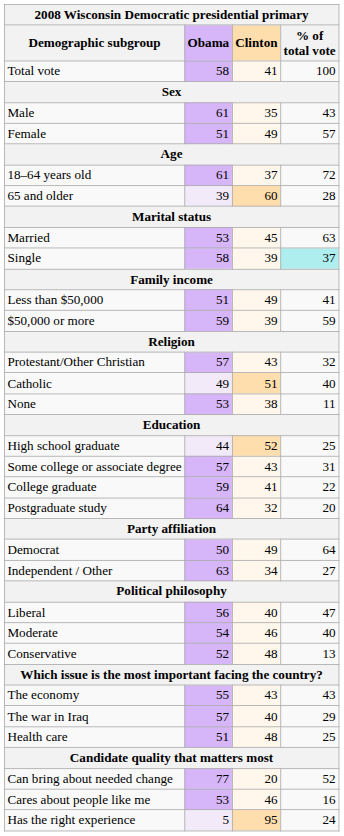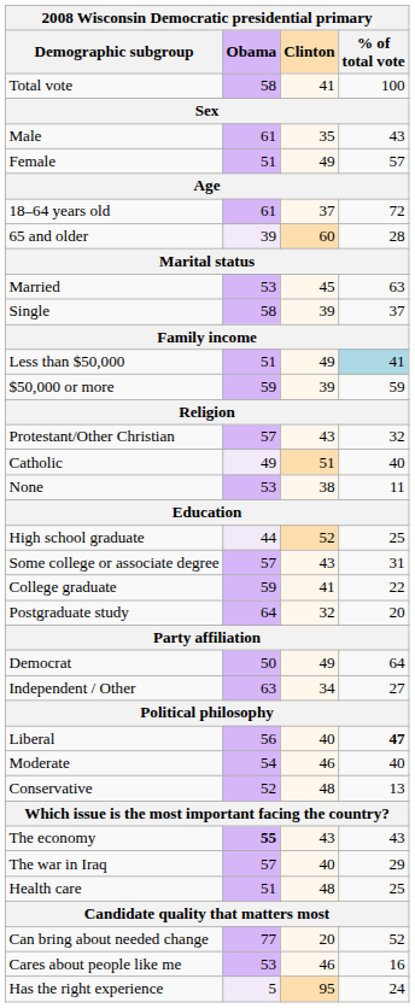 <table class="wikitable">
 <tr>
 <th colspan="8">2008 Wisconsin Democratic presidential primary</th>
 </tr>
 <tr>
 <th>Demographic subgroup</th>
 <th style="background:#d6b6f9;">Obama</th>
 <th style="background:#ffdead;">Clinton</th>
 <th>% of<br>total vote</th>
 </tr>
 <tr>
 <td>Total vote</td>
 <td style="text-align:right; background:#d6b6f9;">58</td>
 <td style="text-align:right; background:#fff7ec;">41</td>
 <td style="text-align:right;">100</td>
 </tr>
 <tr>
 <th colspan="4">Sex</th>
 </tr>
 <tr>
 <td>Male</td>
 <td style="text-align:right; background:#d6b6f9;">61</td>
 <td style="text-align:right; background:#fff7ec;">35</td>
 <td style="text-align:right;">43</td>
 </tr>
 <tr>
 <td>Female</td>
 <td style="text-align:right; background:#d6b6f9;">51</td>
 <td style="text-align:right; background:#fff7ec;">49</td>
 <td style="text-align:right;">57</td>
 </tr>
 <tr>
 <th colspan="4">Age</th>
 </tr>
 <tr>
 <td>18–64 years old</td>
 <td style="text-align:right; background:#d6b6f9;">61</td>
 <td style="text-align:right; background:#fff7ec;">37</td>
 <td style="text-align:right;">72</td>
 </tr>
 <tr>
 <td>65 and older</td>
 <td style="text-align:right; background:#f2eaf9;">39</td>
 <td style="text-align:right; background:#ffdead;">60</td>
 <td style="text-align: right;">28</td>
 </tr>
 <tr>
 <th colspan="4">Marital status</th>
 </tr>
 <tr>
 <td>Married</td>
 <td style="text-align:right; background:#d6b6f9;">53</td>
 <td style="text-align:right; background:#fff7ec;">45</td>
 <td style="text-align:right;">63</td>
 </tr>
 <tr>
 <td>Single</td>
 <td style="text-align:right; background:#d6b6f9;">58</td>
 <td style="text-align:right; background:#fff7ec;">39</td>
-<td style="background: paleturquoise; text-align:right;">37</td>
+<td style="text-align:right;">37</td>
 </tr>
 <tr>
 <th colspan="4">Family income</th>
 </tr>
 <tr>
 <td>Less than $50,000</td>
 <td style="text-align:right; background:#d6b6f9;">51</td>
 <td style="text-align:right; background:#fff7ec;">49</td>
-<td style="text-align:right;">41</td>
+<td style="background: lightblue; text-align:right;">41</td>
 </tr>
 <tr>
 <td>$50,000 or more</td>
 <td style="text-align:right; background:#d6b6f9;">59</td>
 <td style="text-align:right; background:#fff7ec;">39</td>
 <td style="text-align:right;">59</td>
 </tr>
 <tr>
 <th colspan="4">Religion</th>
 </tr>
 <tr>
 <td>Protestant/Other Christian</td>
 <td style="text-align:right; background:#d6b6f9;">57</td>
 <td style="text-align:right; background:#fff7ec;">43</td>
 <td style="text-align:right;">32</td>
 </tr>
 <tr>
 <td>Catholic</td>
 <td style="text-align:right; background:#f2eaf9;">49</td>
 <td style="text-align:right; background:#ffdead;">51</td>
 <td style="text-align:right;">40</td>
 </tr>
 <tr>
 <td>None</td>
 <td style="text-align:right; background:#d6b6f9;">53</td>
 <td style="text-align:right; background:#fff7ec;">38</td>
 <td style="text-align:right;">11</td>
 </tr>
 <tr>
 <th colspan="4">Education</th>
 </tr>
 <tr>
 <td>High school graduate</td>
 <td style="text-align:right; background:#f2eaf9;">44</td>
 <td style="text-align:right; background:#ffdead;">52</td>
 <td style="text-align:right;">25</td>
 </tr>
 <tr>
 <td>Some college or associate degree</td>
 <td style="text-align:right; background:#d6b6f9;">57</td>
 <td style="text-align:right; background:#fff7ec;">43</td>
 <td style="text-align:right;">31</td>
 </tr>
 <tr>
 <td>College graduate</td>
 <td style="text-align:right; background:#d6b6f9;">59</td>
 <td style="text-align:right; background:#fff7ec;">41</td>
 <td style="text-align:right;">22</td>
 </tr>
 <tr>
 <td>Postgraduate study</td>
 <td style="text-align:right; background:#d6b6f9;">64</td>
 <td style="text-align:right; background:#fff7ec;">32</td>
 <td style="text-align:right;">20</td>
 </tr>
 <tr>
 <th colspan="4">Party affiliation</th>
 </tr>
 <tr>
 <td>Democrat</td>
 <td style="text-align:right; background:#d6b6f9;">50</td>
 <td style="text-align:right; background:#fff7ec;">49</td>
 <td style="text-align:right;">64</td>
 </tr>
 <tr>
 <td>Independent / Other</td>
 <td style="text-align:right; background:#d6b6f9;">63</td>
 <td style="text-align:right; background:#fff7ec;">34</td>
 <td style="text-align:right;">27</td>
 </tr>
 <tr>
 <th colspan="4">Political philosophy</th>
 </tr>
 <tr>
 <td>Liberal</td>
 <td style="text-align:right; background:#d6b6f9;">56</td>
 <td style="text-align:right; background:#fff7ec;">40</td>
-<td style="text-align:right;">47</td>
+<td style="text-align:right;"><strong>47</strong></td>
 </tr>
 <tr>
 <td>Moderate</td>
 <td style="text-align:right; background:#d6b6f9;">54</td>
 <td style="text-align:right; background:#fff7ec;">46</td>
 <td style="text-align:right;">40</td>
 </tr>
 <tr>
 <td>Conservative</td>
 <td style="text-align:right; background:#d6b6f9;">52</td>
 <td style="text-align:right; background:#fff7ec;">48</td>
 <td style="text-align:right;">13</td>
 </tr>
 <tr>
 <th colspan="4">Which issue is the most important facing the country?</th>
 </tr>
 <tr>
 <td>The economy</td>
-<td style="text-align:right; background:#d6b6f9;">55</td>
+<td style="text-align:right; background:#d6b6f9;"><strong>55</strong></td>
 <td style="text-align:right; background:#fff7ec;">43</td>
 <td style="text-align:right;">43</td>
 </tr>
 <tr>
 <td>The war in Iraq</td>
 <td style="text-align:right; background:#d6b6f9;">57</td>
 <td style="text-align:right; background:#fff7ec;">40</td>
 <td style="text-align:right;">29</td>
 </tr>
 <tr>
 <td>Health care</td>
 <td style="text-align:right; background:#d6b6f9;">51</td>
 <td style="text-align:right; background:#fff7ec;">48</td>
 <td style="text-align:right;">25</td>
 </tr>
 <tr>
 <th colspan="4">Candidate quality that matters most</th>
 </tr>
 <tr>
 <td>Can bring about needed change</td>
 <td style="text-align:right; background:#d6b6f9;">77</td>
 <td style="text-align:right; background:#fff7ec;">20</td>
 <td style="text-align:right;">52</td>
 </tr>
 <tr>
 <td>Cares about people like me</td>
 <td style="text-align:right; background:#d6b6f9;">53</td>
 <td style="text-align:right; background:#fff7ec;">46</td>
 <td style="text-align:right;">16</td>
 </tr>
 <tr>
 <td>Has the right experience</td>
 <td style="text-align:right; background:#f2eaf9;">5</td>
 <td style="text-align:right; background:#ffdead;">95</td>
 <td style="text-align:right;">24</td>
 </tr>
 </table>
